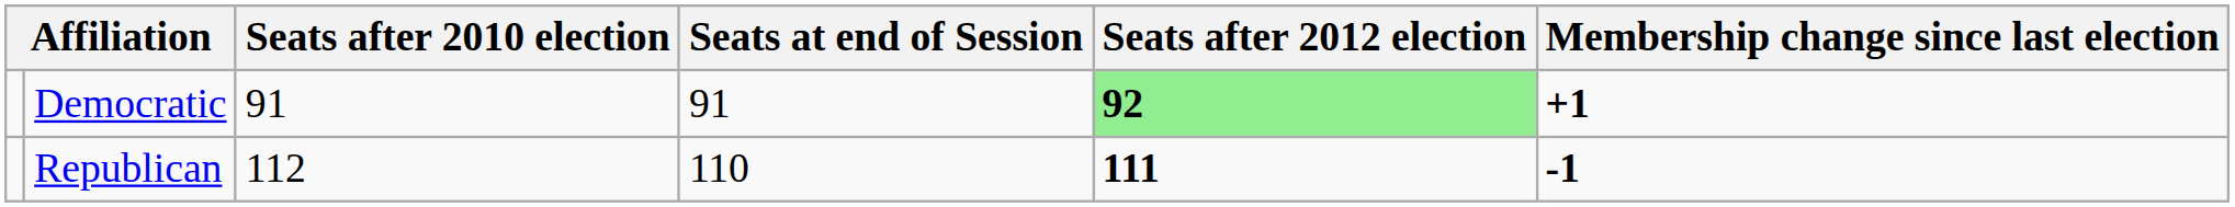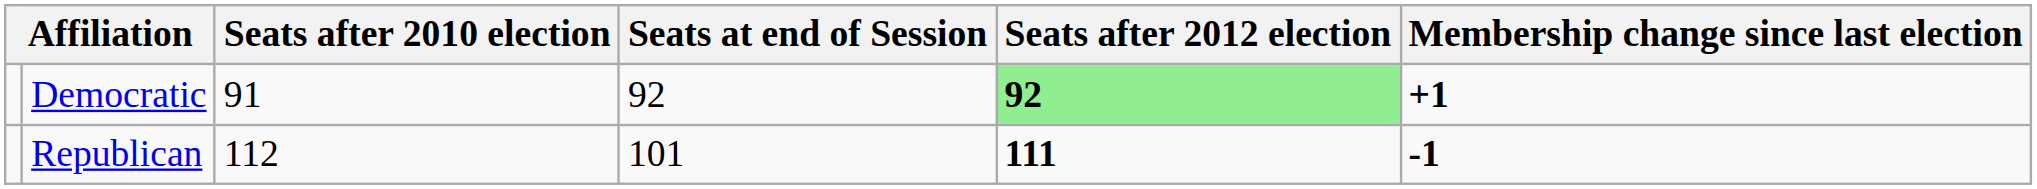 <table class="wikitable">
 <tr>
 <th colspan="2">Affiliation</th>
 <th>Seats after 2010 election</th>
 <th>Seats at end of Session</th>
 <th>Seats after 2012 election</th>
 <th>Membership change since last election</th>
 </tr>
 <tr>
 <td style="background-color:"></td>
 <td><a href='#'>Democratic</a></td>
 <td>91</td>
-<td>91</td>
+<td>92</td>
 <td style="background: lightgreen;"><strong>92</strong></td>
 <td><strong>+1</strong></td>
 </tr>
 <tr>
 <td style="background-color:"></td>
 <td><a href='#'>Republican</a></td>
 <td>112</td>
-<td>110</td>
+<td>101</td>
 <td><strong>111</strong></td>
 <td><strong>-1</strong></td>
 </tr>
 </table>
